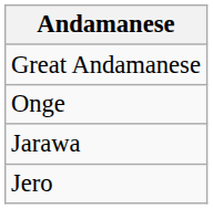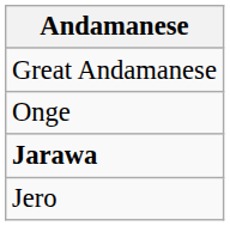 <table class="wikitable">
 <tr>
 <th>Andamanese</th>
 </tr>
 <tr>
 <td>Great Andamanese</td>
 </tr>
 <tr>
 <td>Onge</td>
 </tr>
 <tr>
-<td>Jarawa</td>
+<td><strong>Jarawa</strong></td>
 </tr>
 <tr>
 <td>Jero</td>
 </tr>
 </table>
